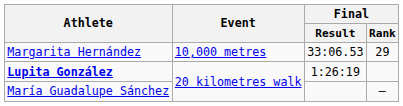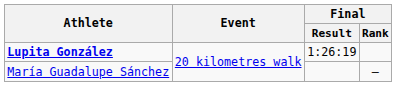 <table class=wikitable style=font-size:90%>
 <tr>
 <th rowspan=2>Athlete</th>
 <th rowspan=2>Event</th>
 <th colspan=2>Final</th>
 </tr>
 <tr style=font-size:95%>
 <th>Result</th>
 <th>Rank</th>
-</tr>
-<tr align=center>
-<td align=left><a href='#'>Margarita Hernández</a></td>
-<td align=left><a href='#'>10,000 metres</a></td>
-<td>33:06.53</td>
-<td>29</td>
 </tr>
 <tr align=center>
 <td align=left><strong><a href='#'>Lupita González</a></strong></td>
 <td align=left rowspan=2><a href='#'>20 kilometres walk</a></td>
 <td>1:26:19 <strong></strong></td>
 <td></td>
 </tr>
 <tr align=center>
 <td align=left><a href='#'>María Guadalupe Sánchez</a></td>
 <td></td>
 <td>–</td>
 </tr>
 </table>
